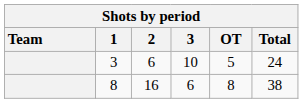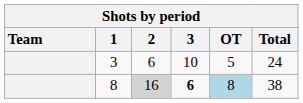 <table style="width: 20em;" class="wikitable">
 <tr>
 <th scope="colgroup" colspan="6">Shots by period</th>
 </tr>
 <tr>
 <th scope="col" style="width:8em; text-align:left;">Team</th>
 <th scope="col" style="width:3em;">1</th>
 <th scope="col" style="width:3em;">2</th>
 <th scope="col" style="width:3em;">3</th>
 <th scope="col" style="width:3em;">OT</th>
 <th scope="col" style="width:3em;">Total</th>
 </tr>
 <tr style="text-align:center;">
 <th scope="row" style="text-align:left;"></th>
 <td>3</td>
 <td>6</td>
 <td>10</td>
 <td>5</td>
 <td>24</td>
 </tr>
 <tr style="text-align:center;">
 <th scope="row" style="text-align:left;"></th>
 <td>8</td>
-<td>16</td>
-<td>6</td>
-<td>8</td>
+<td style="background: lightgrey;">16</td>
+<td><strong>6</strong></td>
+<td style="background: lightblue;">8</td>
 <td>38</td>
 </tr>
 </table>
